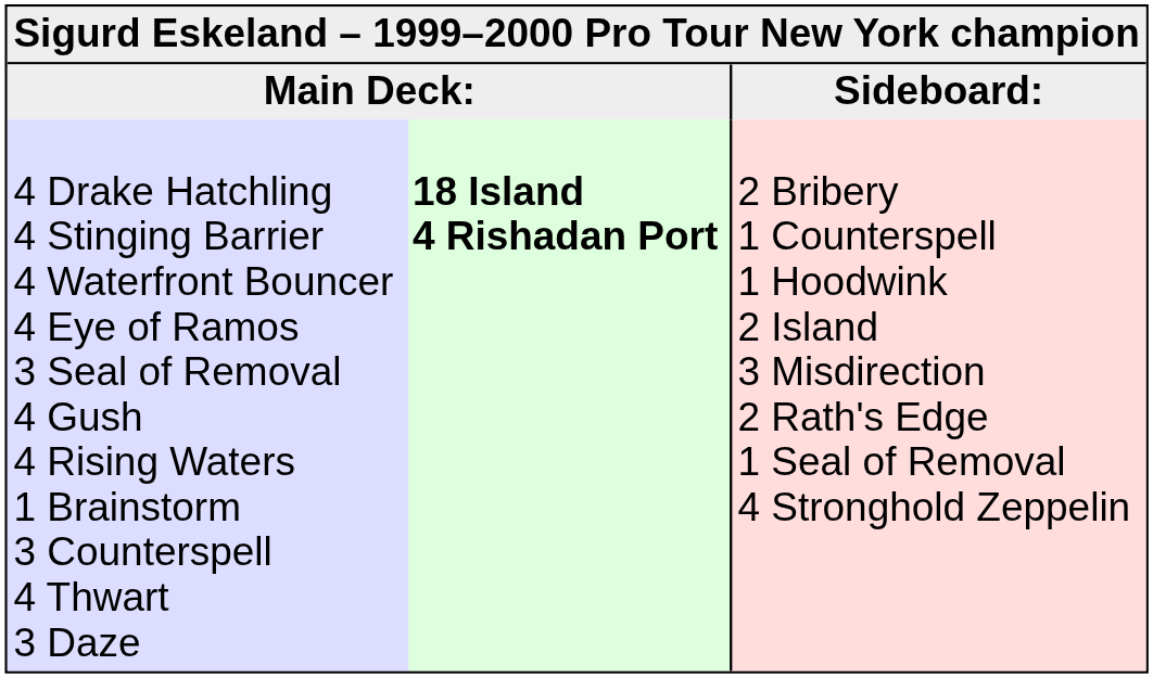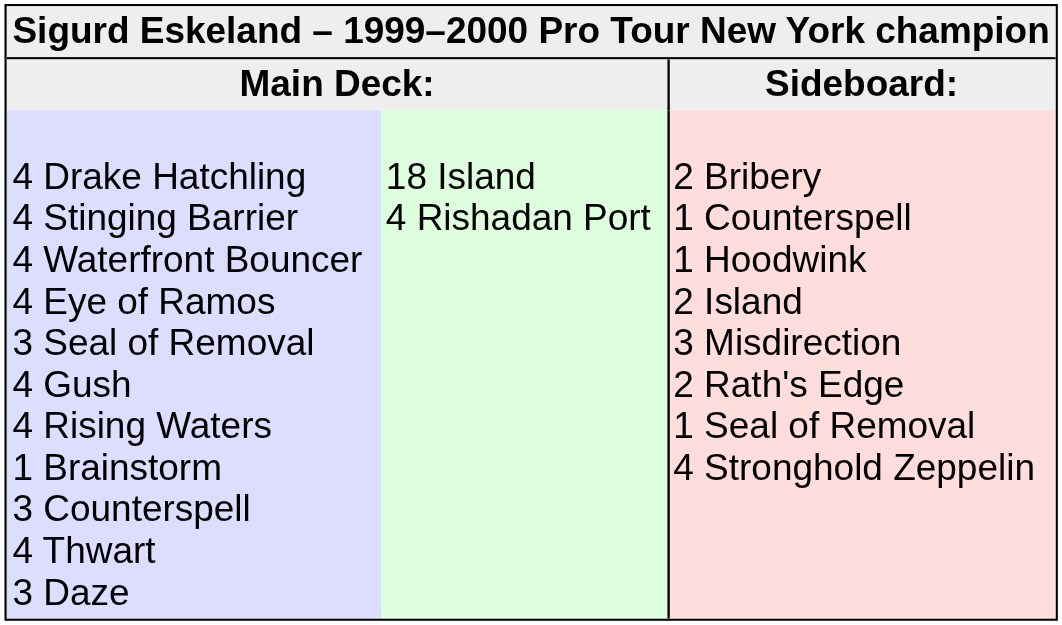 <table border="0" cellspacing="0" cellpadding="2" style="border: 1px solid black; margin-left: 1ex;">
 <tr>
 <th colspan="3" style="background:#eee; border-bottom:1px solid black;">Sigurd Eskeland – 1999–2000 Pro Tour New York champion</th>
 </tr>
 <tr style="background:#eee;">
 <th colspan="2">Main Deck:</th>
 <th style="border-left: 1px solid black;">Sideboard:</th>
 </tr>
 <tr valign="top">
 <td style="background:#ddf;"><br>4 Drake Hatchling<br> 4 Stinging Barrier<br> 4 Waterfront Bouncer<br> 4 Eye of Ramos<br> 3 Seal of Removal<br> 4 Gush<br> 4 Rising Waters<br> 1 Brainstorm<br> 3 Counterspell<br> 4 Thwart<br> 3 Daze</td>
-<td style="background:#dfd;"><strong><br>18 Island<br> 4 Rishadan Port</strong></td>
+<td style="background:#dfd;"><br>18 Island<br> 4 Rishadan Port</td>
 <td style="background:#fdd; border-left:1px solid black;"><br>2 Bribery<br> 1 Counterspell<br> 1 Hoodwink<br> 2 Island<br> 3 Misdirection<br> 2 Rath's Edge<br> 1 Seal of Removal<br> 4 Stronghold Zeppelin</td>
 </tr>
 </table>
